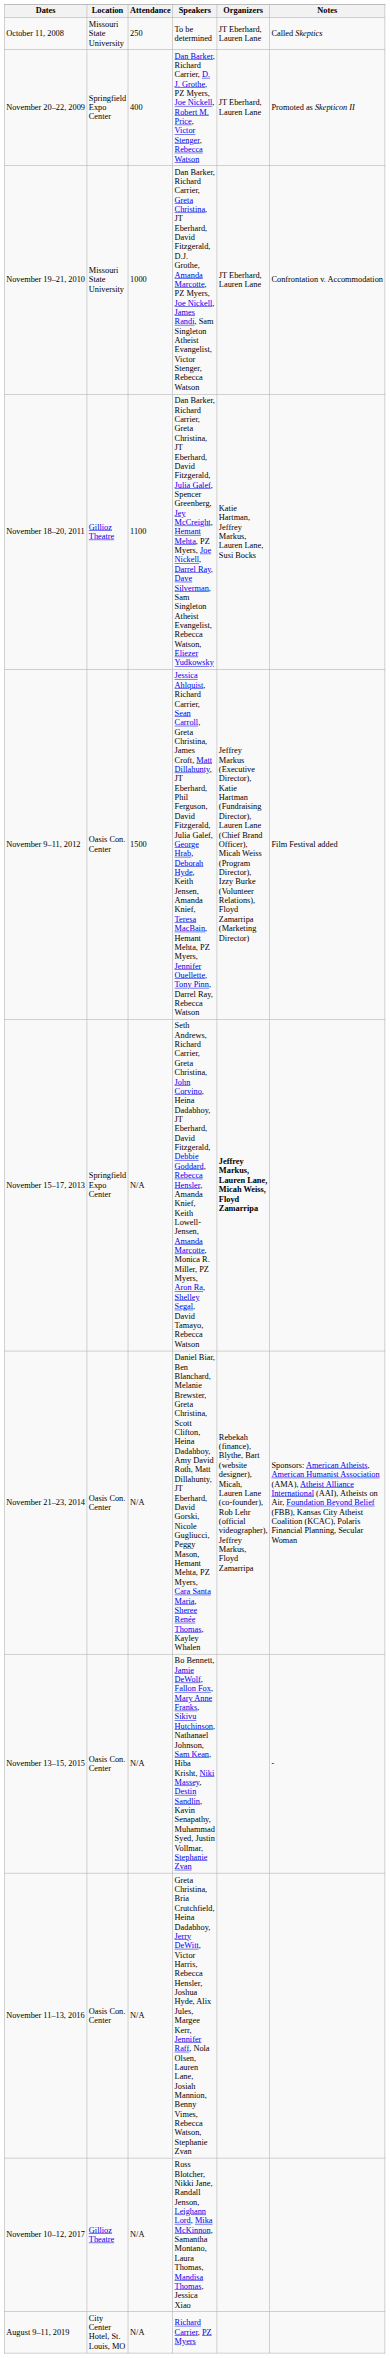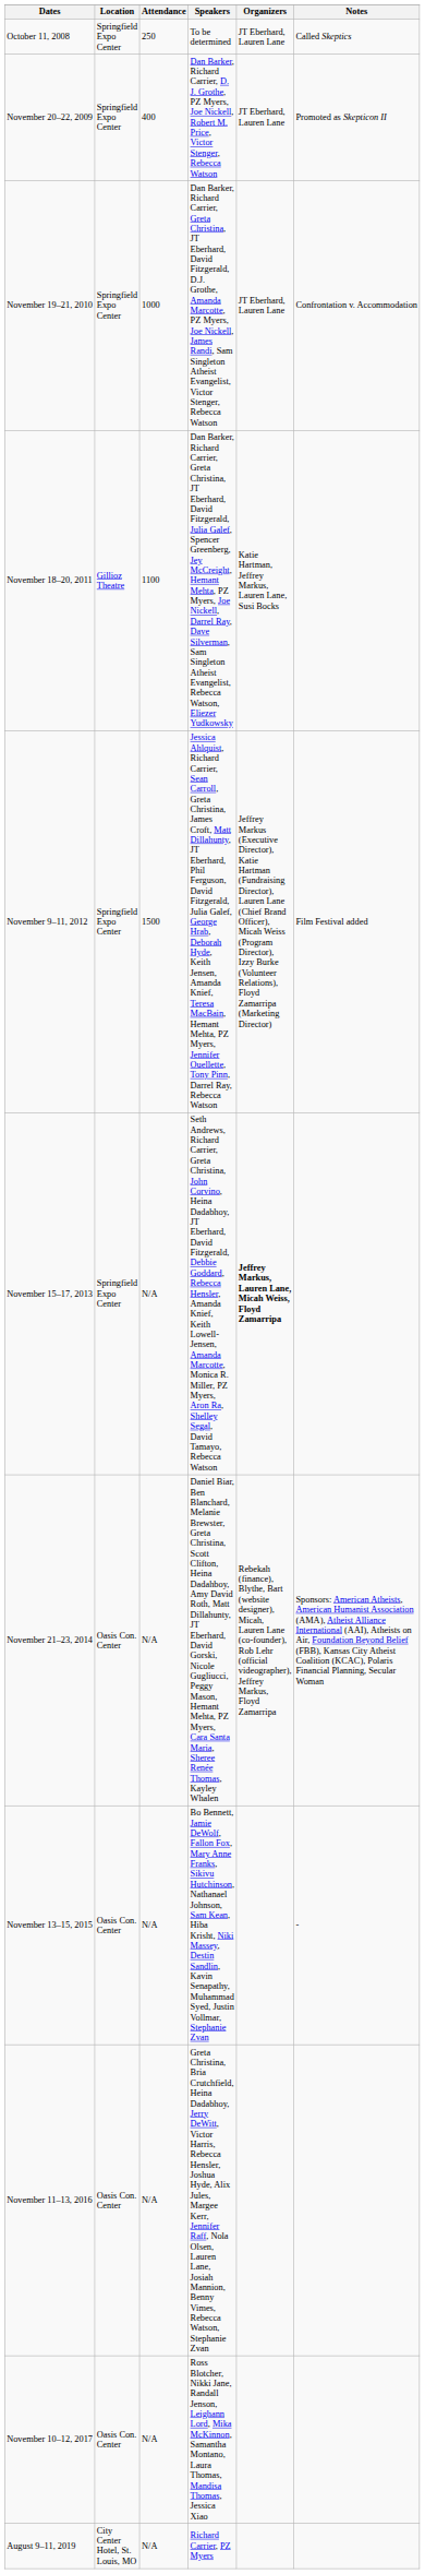 <table class="wikitable">
 <tr bgcolor="#CCCCCC">
 </tr>
 <tr>
 <th>Dates</th>
 <th>Location</th>
 <th>Attendance</th>
 <th>Speakers</th>
 <th>Organizers</th>
 <th>Notes</th>
 </tr>
 <tr>
 <td>October 11, 2008</td>
-<td>Missouri State University</td>
+<td>Springfield Expo Center</td>
 <td>250</td>
 <td>To be determined</td>
 <td>JT Eberhard, Lauren Lane</td>
 <td>Called <em>Skeptics</em></td>
 </tr>
 <tr>
 <td style="white-space:nowrap">November 20–22, 2009</td>
 <td>Springfield Expo Center</td>
 <td>400</td>
 <td><a href='#'>Dan Barker</a>, Richard Carrier, <a href='#'>D. J. Grothe</a>, PZ Myers, <a href='#'>Joe Nickell</a>, <a href='#'>Robert M. Price</a>, <a href='#'>Victor Stenger</a>, <a href='#'>Rebecca Watson</a></td>
 <td>JT Eberhard, Lauren Lane</td>
 <td>Promoted as <em>Skepticon II</em></td>
 </tr>
 <tr>
 <td>November 19–21, 2010</td>
-<td>Missouri State University</td>
+<td>Springfield Expo Center</td>
 <td>1000</td>
 <td>Dan Barker, Richard Carrier, <a href='#'>Greta Christina</a>, JT Eberhard, David Fitzgerald, D.J. Grothe, <a href='#'>Amanda Marcotte</a>, PZ Myers, <a href='#'>Joe Nickell</a>, <a href='#'>James Randi</a>, Sam Singleton Atheist Evangelist, Victor Stenger, Rebecca Watson</td>
 <td>JT Eberhard, Lauren Lane</td>
 <td style=white-space:nowrap>Confrontation v. Accommodation</td>
 </tr>
 <tr>
 <td>November 18–20, 2011</td>
 <td><a href='#'>Gillioz Theatre</a></td>
 <td>1100</td>
 <td>Dan Barker, Richard Carrier, Greta Christina, JT Eberhard, David Fitzgerald, <a href='#'>Julia Galef</a>, Spencer Greenberg, <a href='#'>Jey McCreight</a>, <a href='#'>Hemant Mehta</a>, PZ Myers, <a href='#'>Joe Nickell</a>, <a href='#'>Darrel Ray</a>, <a href='#'>Dave Silverman</a>, Sam Singleton Atheist Evangelist, Rebecca Watson, <a href='#'>Eliezer Yudkowsky</a></td>
 <td>Katie Hartman, Jeffrey Markus, Lauren Lane, Susi Bocks</td>
 <td></td>
 </tr>
 <tr>
 <td>November 9–11, 2012</td>
-<td>Oasis Con. Center</td>
+<td>Springfield Expo Center</td>
 <td>1500</td>
 <td><a href='#'>Jessica Ahlquist</a>, Richard Carrier, <a href='#'>Sean Carroll</a>, Greta Christina, James Croft, <a href='#'>Matt Dillahunty</a>, JT Eberhard, Phil Ferguson, David Fitzgerald, Julia Galef, <a href='#'>George Hrab</a>, <a href='#'>Deborah Hyde</a>, Keith Jensen, Amanda Knief, <a href='#'>Teresa MacBain</a>, Hemant Mehta, PZ Myers, <a href='#'>Jennifer Ouellette</a>, <a href='#'>Tony Pinn</a>, Darrel Ray, Rebecca Watson</td>
 <td>Jeffrey Markus (Executive Director), Katie Hartman (Fundraising Director), Lauren Lane (Chief Brand Officer), Micah Weiss (Program Director), Izzy Burke (Volunteer Relations), Floyd Zamarripa (Marketing Director)</td>
 <td>Film Festival added</td>
 </tr>
 <tr>
 <td>November 15–17, 2013</td>
 <td>Springfield Expo Center</td>
 <td>N/A</td>
 <td>Seth Andrews, Richard Carrier, Greta Christina, <a href='#'>John Corvino</a>, Heina Dadabhoy, JT Eberhard, David Fitzgerald, <a href='#'>Debbie Goddard</a>, <a href='#'>Rebecca Hensler</a>, Amanda Knief, Keith Lowell-Jensen, <a href='#'>Amanda Marcotte</a>, Monica R. Miller, PZ Myers, <a href='#'>Aron Ra</a>, <a href='#'>Shelley Segal</a>, David Tamayo, Rebecca Watson</td>
 <td><strong>Jeffrey Markus, Lauren Lane, Micah Weiss, Floyd Zamarripa</strong></td>
 <td></td>
 </tr>
 <tr>
 <td>November 21–23, 2014</td>
 <td>Oasis Con. Center</td>
 <td>N/A</td>
 <td>Daniel Biar, Ben Blanchard, Melanie Brewster, Greta Christina, Scott Clifton, Heina Dadahboy, Amy David Roth, Matt Dillahunty, JT Eberhard, David Gorski, Nicole Gugliucci, Peggy Mason, Hemant Mehta, PZ Myers, <a href='#'>Cara Santa Maria</a>, <a href='#'>Sheree Renée Thomas</a>, Kayley Whalen</td>
 <td>Rebekah (finance), Blythe, Bart (website designer), Micah, Lauren Lane (co-founder), Rob Lehr (official videographer), Jeffrey Markus, Floyd Zamarripa</td>
 <td>Sponsors: <a href='#'>American Atheists</a>, <a href='#'>American Humanist Association</a> (AMA), <a href='#'>Atheist Alliance International</a> (AAI), Atheists on Air, <a href='#'>Foundation Beyond Belief</a> (FBB), Kansas City Atheist Coalition (KCAC), Polaris Financial Planning, Secular Woman</td>
 </tr>
 <tr>
 <td>November 13–15, 2015</td>
 <td>Oasis Con. Center</td>
 <td>N/A</td>
 <td>Bo Bennett, <a href='#'>Jamie DeWolf</a>, <a href='#'>Fallon Fox</a>, <a href='#'>Mary Anne Franks</a>, <a href='#'>Sikivu Hutchinson</a>, Nathanael Johnson, <a href='#'>Sam Kean</a>, Hiba Krisht, <a href='#'>Niki Massey</a>, <a href='#'>Destin Sandlin</a>, Kavin Senapathy, Muhammad Syed, Justin Vollmar, <a href='#'>Stephanie Zvan</a></td>
 <td></td>
 <td>-</td>
 </tr>
 <tr>
 <td>November 11–13, 2016</td>
 <td>Oasis Con. Center</td>
 <td>N/A</td>
 <td>Greta Christina, Bria Crutchfield, Heina Dadabhoy, <a href='#'>Jerry DeWitt</a>, Victor Harris, Rebecca Hensler, Joshua Hyde, Alix Jules, Margee Kerr, <a href='#'>Jennifer Raff</a>, Nola Olsen, Lauren Lane, Josiah Mannion, Benny Vimes, Rebecca Watson, Stephanie Zvan</td>
 <td></td>
 <td></td>
 </tr>
 <tr>
 <td>November 10–12, 2017</td>
-<td><a href='#'>Gillioz Theatre</a></td>
+<td>Oasis Con. Center</td>
 <td>N/A</td>
 <td>Ross Blotcher, Nikki Jane, Randall Jenson, <a href='#'>Leighann Lord</a>, <a href='#'>Mika McKinnon</a>, Samantha Montano, Laura Thomas, <a href='#'>Mandisa Thomas</a>, Jessica Xiao</td>
 <td></td>
 <td></td>
 </tr>
 <tr>
 <td>August 9–11, 2019</td>
 <td>City Center Hotel, St. Louis, MO</td>
 <td>N/A</td>
 <td><a href='#'>Richard Carrier</a>, <a href='#'>PZ Myers</a></td>
 <td></td>
 <td></td>
 </tr>
 </table>
